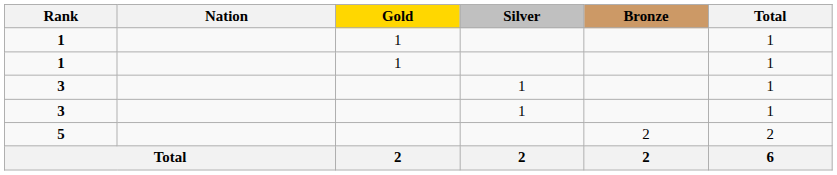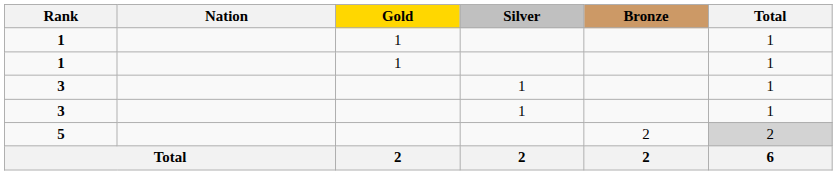 <table class="wikitable collapsible autocollapse plainrowheaders" width=70.5% style="text-align:center;">
 <tr style="background-color:#EDEDED;">
 <th width=100px class="hintergrundfarbe5">Rank</th>
 <th width=200px class="hintergrundfarbe6">Nation</th>
 <th style="background:    gold; width:15%">Gold</th>
 <th style="background:  silver; width:15%">Silver</th>
 <th style="background: #CC9966; width:15%">Bronze</th>
 <th class="hintergrundfarbe6" style="width:15%">Total</th>
 </tr>
 <tr>
 <td><strong>1</strong></td>
 <td align=left></td>
 <td>1</td>
 <td></td>
 <td></td>
 <td>1</td>
 </tr>
 <tr>
 <td><strong>1</strong></td>
 <td align=left></td>
 <td>1</td>
 <td></td>
 <td></td>
 <td>1</td>
 </tr>
 <tr>
 <td><strong>3</strong></td>
 <td align=left></td>
 <td></td>
 <td>1</td>
 <td></td>
 <td>1</td>
 </tr>
 <tr>
 <td><strong>3</strong></td>
 <td align=left></td>
 <td></td>
 <td>1</td>
 <td></td>
 <td>1</td>
 </tr>
 <tr>
 <td><strong>5</strong></td>
 <td align=left></td>
 <td></td>
 <td></td>
 <td>2</td>
-<td>2</td>
+<td style="background: lightgrey;">2</td>
 </tr>
 <tr>
 <th colspan=2>Total</th>
 <th>2</th>
 <th>2</th>
 <th>2</th>
 <th>6</th>
 </tr>
 </table>
